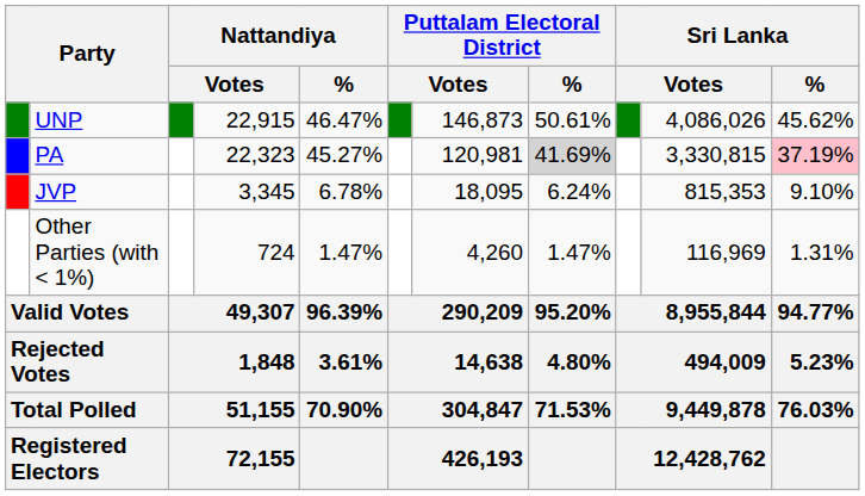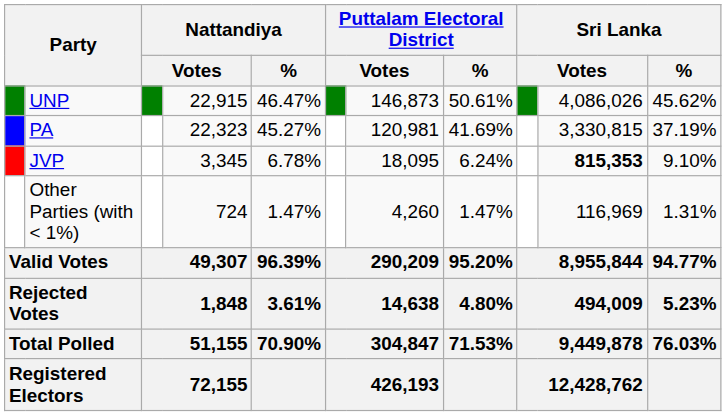 <table class="wikitable">
 <tr>
 <th colspan="2" width="144px"rowspan="2">Party</th>
 <th colspan="3" width="216px">Nattandiya</th>
 <th colspan="3" width="216px"><a href='#'>Puttalam Electoral District</a></th>
 <th colspan="3" width="216px">Sri Lanka</th>
 </tr>
 <tr>
 <th colspan="2" width="144px">Votes</th>
 <th>%</th>
 <th colspan="2" width="144px">Votes</th>
 <th>%</th>
 <th colspan="2" width="144px">Votes</th>
 <th>%</th>
 </tr>
 <tr>
 <td style="background-color:green;" width="10px"></td>
 <td style="text-align:left;"><a href='#'>UNP</a></td>
 <td style="background-color:green;" width="10px"></td>
 <td style="text-align:right;">22,915</td>
 <td style="text-align:right;">46.47%</td>
 <td style="background-color:green;" width="10px"></td>
 <td style="text-align:right;">146,873</td>
 <td style="text-align:right;">50.61%</td>
 <td style="background-color:green;" width="10px"></td>
 <td style="text-align:right;">4,086,026</td>
 <td style="text-align:right;">45.62%</td>
 </tr>
 <tr>
 <td style="background-color:blue;" width="10px"></td>
 <td style="text-align:left;"><a href='#'>PA</a></td>
 <td style="background-color:white;" width="10px"></td>
 <td style="text-align:right;">22,323</td>
 <td style="text-align:right;">45.27%</td>
 <td style="background-color:white;" width="10px"></td>
 <td style="text-align:right;">120,981</td>
-<td style="background: lightgrey; text-align:right;">41.69%</td>
+<td style="text-align:right;">41.69%</td>
 <td style="background-color:white;" width="10px"></td>
 <td style="text-align:right;">3,330,815</td>
-<td style="background: pink; text-align:right;">37.19%</td>
+<td style="text-align:right;">37.19%</td>
 </tr>
 <tr>
 <td style="background-color:red;" width="10px"></td>
 <td style="text-align:left;"><a href='#'>JVP</a></td>
 <td style="background-color:white;" width="10px"></td>
 <td style="text-align:right;">3,345</td>
 <td style="text-align:right;">6.78%</td>
 <td style="background-color:white;" width="10px"></td>
 <td style="text-align:right;">18,095</td>
 <td style="text-align:right;">6.24%</td>
 <td style="background-color:white;" width="10px"></td>
-<td style="text-align:right;">815,353</td>
+<td style="text-align:right;"><strong>815,353</strong></td>
 <td style="text-align:right;">9.10%</td>
 </tr>
 <tr>
 <td style="background-color:white;" width="10px"></td>
 <td style="text-align:left;">Other Parties (with < 1%)</td>
 <td style="background-color:white;" width="10px"></td>
 <td style="text-align:right;">724</td>
 <td style="text-align:right;">1.47%</td>
 <td style="background-color:white;" width="10px"></td>
 <td style="text-align:right;">4,260</td>
 <td style="text-align:right;">1.47%</td>
 <td style="background-color:white;" width="10px"></td>
 <td style="text-align:right;">116,969</td>
 <td style="text-align:right;">1.31%</td>
 </tr>
 <tr>
 <th colspan="2" width="144px"style="text-align:left;">Valid Votes</th>
 <th style="text-align:right;"colspan="2" width="144px">49,307</th>
 <th style="text-align:right;">96.39%</th>
 <th style="text-align:right;"colspan="2" width="144px">290,209</th>
 <th style="text-align:right;">95.20%</th>
 <th style="text-align:right;"colspan="2" width="144px">8,955,844</th>
 <th style="text-align:right;">94.77%</th>
 </tr>
 <tr>
 <th colspan="2" width="144px"style="text-align:left;">Rejected Votes</th>
 <th style="text-align:right;"colspan="2" width="144px">1,848</th>
 <th style="text-align:right;">3.61%</th>
 <th style="text-align:right;"colspan="2" width="144px">14,638</th>
 <th style="text-align:right;">4.80%</th>
 <th style="text-align:right;"colspan="2" width="144px">494,009</th>
 <th style="text-align:right;">5.23%</th>
 </tr>
 <tr>
 <th colspan="2" width="144px"style="text-align:left;">Total Polled</th>
 <th style="text-align:right;"colspan="2" width="144px">51,155</th>
 <th style="text-align:right;">70.90%</th>
 <th style="text-align:right;"colspan="2" width="144px">304,847</th>
 <th style="text-align:right;">71.53%</th>
 <th style="text-align:right;"colspan="2" width="144px">9,449,878</th>
 <th style="text-align:right;">76.03%</th>
 </tr>
 <tr>
 <th colspan="2" width="144px"style="text-align:left;">Registered Electors</th>
 <th style="text-align:right;"colspan="2" width="144px">72,155</th>
 <th></th>
 <th style="text-align:right;"colspan="2" width="144px">426,193</th>
 <th></th>
 <th style="text-align:right;"colspan="2" width="144px">12,428,762</th>
 <th></th>
 </tr>
 </table>
